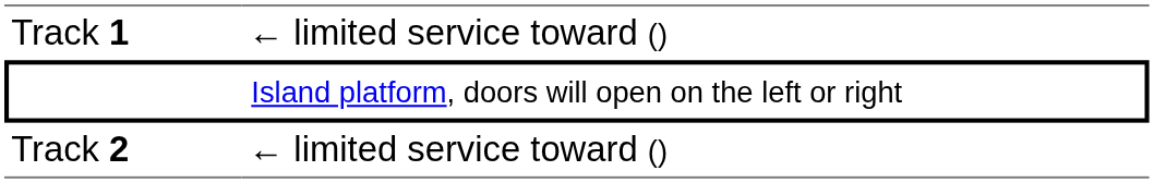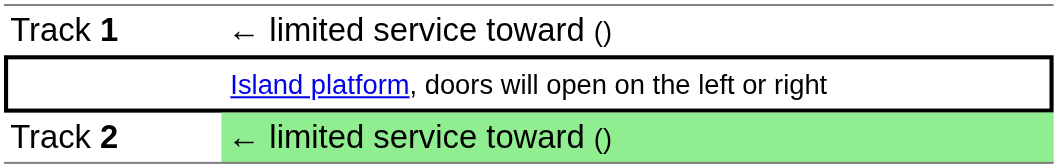 <table border=0 cellspacing=0 cellpadding=3>
 <tr>
 <td style="border-top:solid 1px gray;" width=100>Track <strong>1</strong></td>
 <td style="border-top:solid 1px gray;" width=400>←  limited service toward  <small>()</small></td>
 </tr>
 <tr>
 <td style="border-top:solid 2px black;border-right:solid 2px black;border-left:solid 2px black;border-bottom:solid 2px black;text-align:center;" colspan=2><small><a href='#'>Island platform</a>, doors will open on the left or right </small></td>
 </tr>
 <tr>
 <td style="border-bottom:solid 1px gray;">Track <strong>2</strong></td>
-<td style="border-bottom:solid 1px gray;">←  limited service toward  <small>()</small></td>
+<td style="background: lightgreen; border-bottom:solid 1px gray;">←  limited service toward  <small>()</small></td>
 </tr>
 </table>
